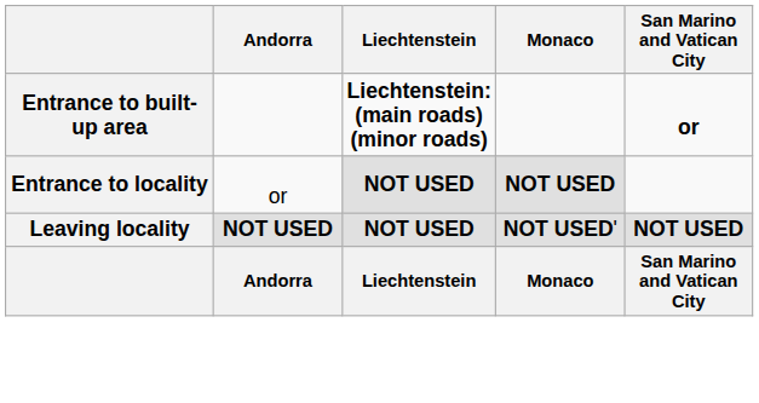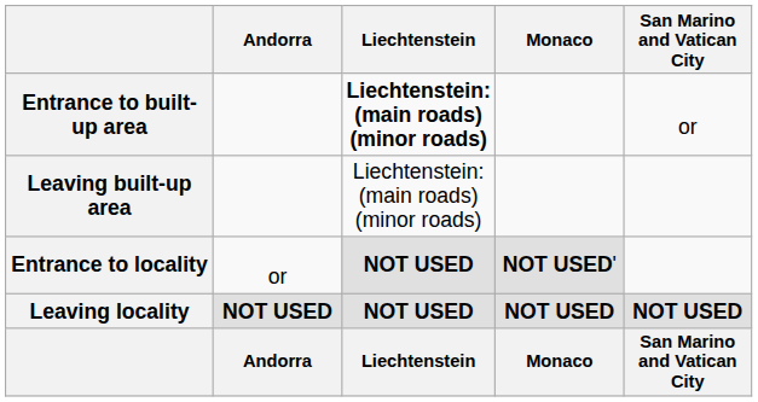 <table class="wikitable" style="text-align: center;">
 <tr style="font-size:smaller;">
 <th scope="col" width="150"></th>
 <th style="width: 90px;"><strong>Andorra</strong></th>
 <th style="width: 90px;"><strong>Liechtenstein</strong></th>
 <th style="width: 90px;"><strong>Monaco</strong></th>
 <th style="width: 90px;"><strong>San Marino and Vatican City</strong></th>
 </tr>
 <tr>
 <th scope="col">Entrance to built-up area</th>
 <td></td>
 <td><strong>Liechtenstein:<br> (main roads)  (minor roads)</strong></td>
 <td></td>
-<td><strong><br>or </strong></td>
+<td><br>or </td>
+</tr>
+<tr>
+<th scope="col">Leaving built-up area</th>
+<td></td>
+<td>Liechtenstein:<br> (main roads)  (minor roads)</td>
+<td></td>
+<td></td>
 </tr>
 <tr>
 <th scope="col">Entrance to locality</th>
 <td><br>or </td>
 <td style="background: #E0E0E0;"><strong><span>NOT USED</span></strong></td>
-<td style="background: #E0E0E0;"><strong><span>NOT USED</span></strong></td>
+<td style="background: #E0E0E0;"><strong><span>NOT USED</span></strong>'</td>
 <td></td>
 </tr>
 <tr>
 <th scope="col">Leaving locality</th>
 <td style="background: #E0E0E0;"><strong><span>NOT USED</span></strong></td>
 <td style="background: #E0E0E0;"><strong><span>NOT USED</span></strong></td>
-<td style="background: #E0E0E0;"><strong><span>NOT USED</span></strong>'</td>
+<td style="background: #E0E0E0;"><strong><span>NOT USED</span></strong></td>
 <td style="background: #E0E0E0;"><strong><span>NOT USED</span></strong></td>
 </tr>
 <tr style="font-size:smaller;">
 <th scope="col" width="5em"></th>
 <th><strong>Andorra</strong></th>
 <th><strong>Liechtenstein</strong></th>
 <th><strong>Monaco</strong></th>
 <th><strong>San Marino and Vatican City</strong></th>
 </tr>
 </table>
